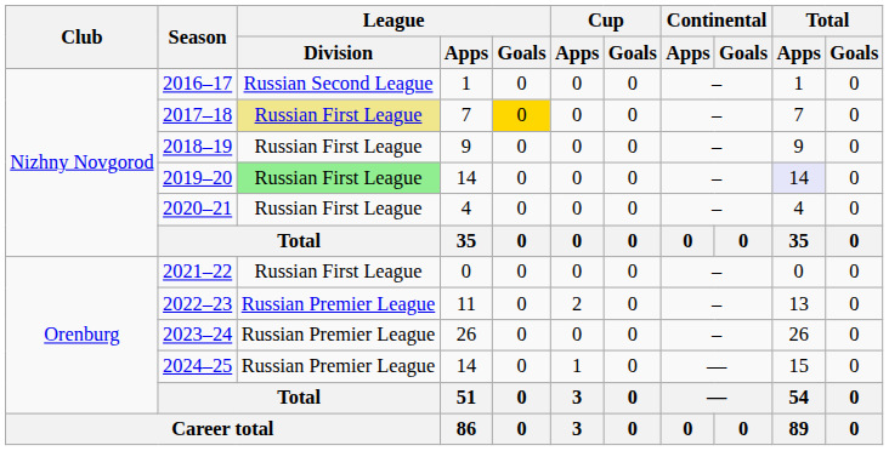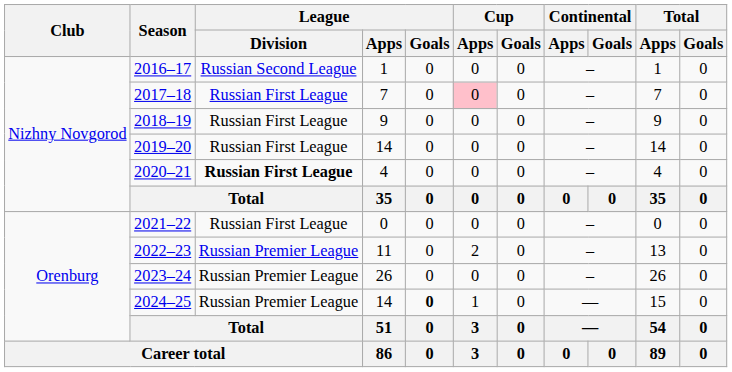 <table class="wikitable" style="text-align: center;">
 <tr>
 <th rowspan="2">Club</th>
 <th rowspan="2">Season</th>
 <th colspan="3">League</th>
 <th colspan="2">Cup</th>
 <th colspan="2">Continental</th>
 <th colspan="2">Total</th>
 </tr>
 <tr>
 <th>Division</th>
 <th>Apps</th>
 <th>Goals</th>
 <th>Apps</th>
 <th>Goals</th>
 <th>Apps</th>
 <th>Goals</th>
 <th>Apps</th>
 <th>Goals</th>
 </tr>
 <tr>
 <td rowspan="6"><a href='#'>Nizhny Novgorod</a></td>
 <td><a href='#'>2016–17</a></td>
 <td><a href='#'>Russian Second League</a></td>
 <td>1</td>
 <td>0</td>
 <td>0</td>
 <td>0</td>
 <td colspan=2>–</td>
 <td>1</td>
 <td>0</td>
 </tr>
 <tr>
 <td><a href='#'>2017–18</a></td>
-<td style="background: khaki;"><a href='#'>Russian First League</a></td>
+<td><a href='#'>Russian First League</a></td>
 <td>7</td>
-<td style="background: gold;">0</td>
 <td>0</td>
+<td style="background: pink;">0</td>
 <td>0</td>
 <td colspan=2>–</td>
 <td>7</td>
 <td>0</td>
 </tr>
 <tr>
 <td><a href='#'>2018–19</a></td>
 <td>Russian First League</td>
 <td>9</td>
 <td>0</td>
 <td>0</td>
 <td>0</td>
 <td colspan=2>–</td>
 <td>9</td>
 <td>0</td>
 </tr>
 <tr>
 <td><a href='#'>2019–20</a></td>
-<td style="background: lightgreen;">Russian First League</td>
+<td>Russian First League</td>
 <td>14</td>
 <td>0</td>
 <td>0</td>
 <td>0</td>
 <td colspan=2>–</td>
-<td style="background: lavender;">14</td>
+<td>14</td>
 <td>0</td>
 </tr>
 <tr>
 <td><a href='#'>2020–21</a></td>
-<td>Russian First League</td>
+<td><strong>Russian First League</strong></td>
 <td>4</td>
 <td>0</td>
 <td>0</td>
 <td>0</td>
 <td colspan=2>–</td>
 <td>4</td>
 <td>0</td>
 </tr>
 <tr>
 <th colspan=2>Total</th>
 <th>35</th>
 <th>0</th>
 <th>0</th>
 <th>0</th>
 <th>0</th>
 <th>0</th>
 <th>35</th>
 <th>0</th>
 </tr>
 <tr>
 <td rowspan="5"><a href='#'>Orenburg</a></td>
 <td><a href='#'>2021–22</a></td>
 <td>Russian First League</td>
 <td>0</td>
 <td>0</td>
 <td>0</td>
 <td>0</td>
 <td colspan=2>–</td>
 <td>0</td>
 <td>0</td>
 </tr>
 <tr>
 <td><a href='#'>2022–23</a></td>
 <td><a href='#'>Russian Premier League</a></td>
 <td>11</td>
 <td>0</td>
 <td>2</td>
 <td>0</td>
 <td colspan=2>–</td>
 <td>13</td>
 <td>0</td>
 </tr>
 <tr>
 <td><a href='#'>2023–24</a></td>
 <td>Russian Premier League</td>
 <td>26</td>
 <td>0</td>
 <td>0</td>
 <td>0</td>
 <td colspan=2>–</td>
 <td>26</td>
 <td>0</td>
 </tr>
 <tr>
 <td><a href='#'>2024–25</a></td>
 <td>Russian Premier League</td>
 <td>14</td>
-<td>0</td>
+<td><strong>0</strong></td>
 <td>1</td>
 <td>0</td>
 <td colspan="2">—</td>
 <td>15</td>
 <td>0</td>
 </tr>
 <tr>
 <th colspan="2">Total</th>
 <th>51</th>
 <th>0</th>
 <th>3</th>
 <th>0</th>
 <th colspan="2">—</th>
 <th>54</th>
 <th>0</th>
 </tr>
 <tr>
 <th colspan="3">Career total</th>
 <th>86</th>
 <th>0</th>
 <th>3</th>
 <th>0</th>
 <th>0</th>
 <th>0</th>
 <th>89</th>
 <th>0</th>
 </tr>
 </table>
